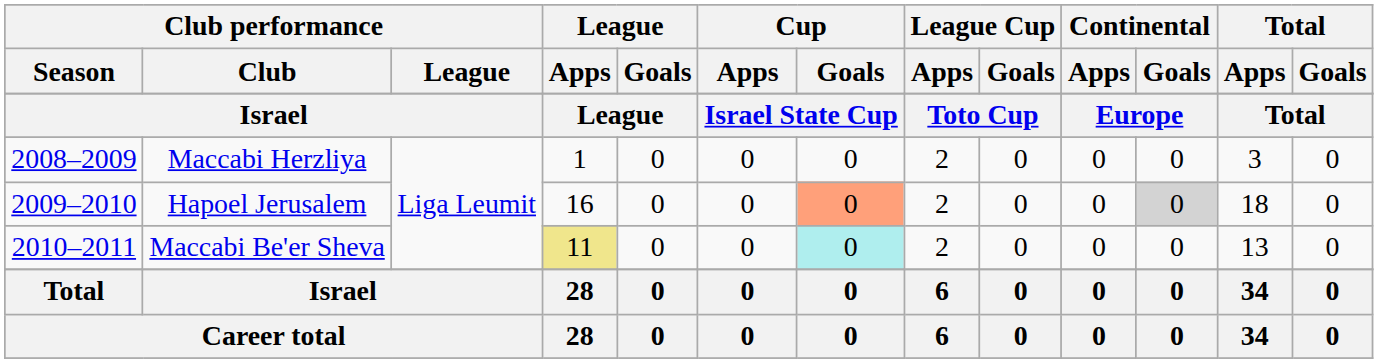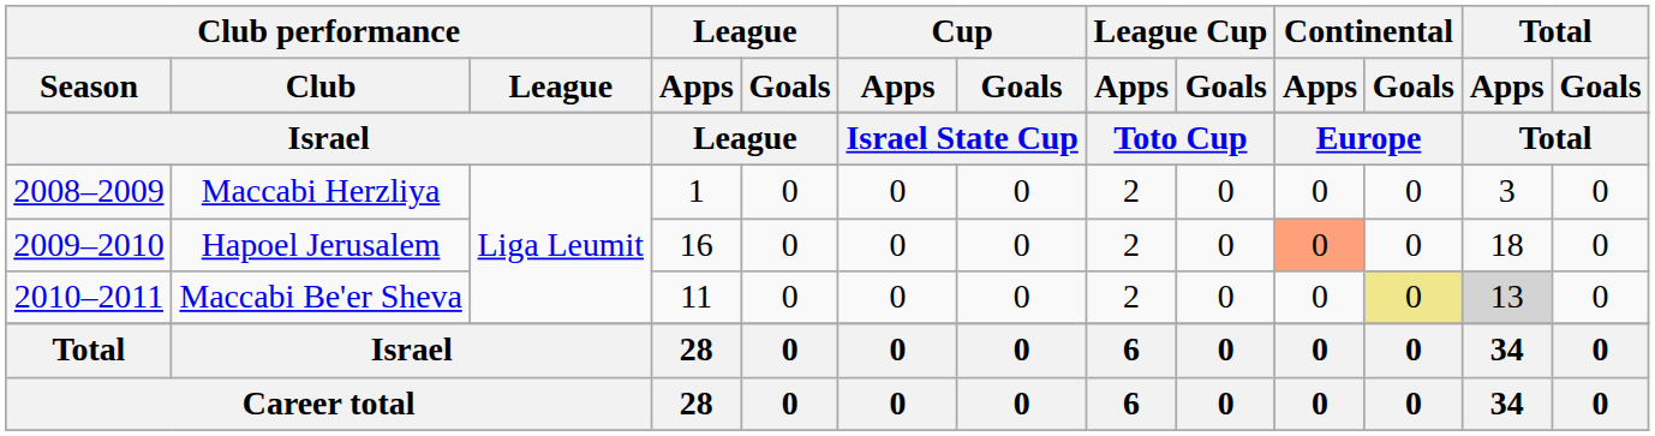 <table class="wikitable" style="text-align:center">
 <tr>
 <th colspan=3>Club performance</th>
 <th colspan=2>League</th>
 <th colspan=2>Cup</th>
 <th colspan=2>League Cup</th>
 <th colspan=2>Continental</th>
 <th colspan=2>Total</th>
 </tr>
 <tr>
 <th>Season</th>
 <th>Club</th>
 <th>League</th>
 <th>Apps</th>
 <th>Goals</th>
 <th>Apps</th>
 <th>Goals</th>
 <th>Apps</th>
 <th>Goals</th>
 <th>Apps</th>
 <th>Goals</th>
 <th>Apps</th>
 <th>Goals</th>
 </tr>
 <tr>
 </tr>
 <tr>
 <th colspan=3>Israel</th>
 <th colspan=2>League</th>
 <th colspan=2><a href='#'>Israel State Cup</a></th>
 <th colspan=2><a href='#'>Toto Cup</a></th>
 <th colspan=2><a href='#'>Europe</a></th>
 <th colspan=2>Total</th>
 </tr>
 <tr>
 <td><a href='#'>2008–2009</a></td>
 <td><a href='#'>Maccabi Herzliya</a></td>
 <td rowspan="3"><a href='#'>Liga Leumit</a></td>
 <td>1</td>
 <td>0</td>
 <td>0</td>
 <td>0</td>
 <td>2</td>
 <td>0</td>
 <td>0</td>
 <td>0</td>
 <td>3</td>
 <td>0</td>
 </tr>
 <tr>
 <td><a href='#'>2009–2010</a></td>
 <td><a href='#'>Hapoel Jerusalem</a></td>
 <td>16</td>
 <td>0</td>
 <td>0</td>
-<td style="background: lightsalmon;">0</td>
+<td>0</td>
 <td>2</td>
 <td>0</td>
+<td style="background: lightsalmon;">0</td>
 <td>0</td>
-<td style="background: lightgrey;">0</td>
 <td>18</td>
 <td>0</td>
 </tr>
 <tr>
 <td><a href='#'>2010–2011</a></td>
 <td><a href='#'>Maccabi Be'er Sheva</a></td>
-<td style="background: khaki;">11</td>
+<td>11</td>
 <td>0</td>
 <td>0</td>
-<td style="background: paleturquoise;">0</td>
+<td>0</td>
 <td>2</td>
 <td>0</td>
 <td>0</td>
-<td>0</td>
-<td>13</td>
+<td style="background: khaki;">0</td>
+<td style="background: lightgrey;">13</td>
 <td>0</td>
 </tr>
 <tr>
 </tr>
 <tr>
 <th rowspan=1>Total</th>
 <th colspan=2>Israel</th>
 <th>28</th>
 <th>0</th>
 <th>0</th>
 <th>0</th>
 <th>6</th>
 <th>0</th>
 <th>0</th>
 <th>0</th>
 <th>34</th>
 <th>0</th>
 </tr>
 <tr>
 <th colspan=3>Career total</th>
 <th>28</th>
 <th>0</th>
 <th>0</th>
 <th>0</th>
 <th>6</th>
 <th>0</th>
 <th>0</th>
 <th>0</th>
 <th>34</th>
 <th>0</th>
 </tr>
 </table>
